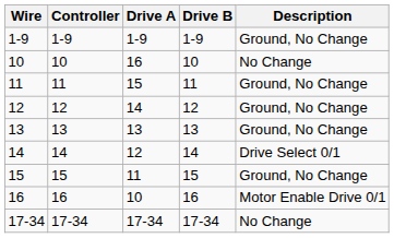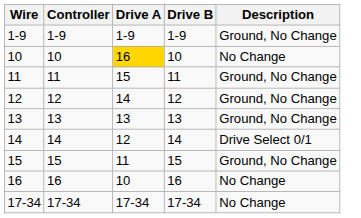 <table class="wikitable" style="border:1; display:inline-table">
 <tr>
 <th>Wire</th>
 <th>Controller</th>
 <th>Drive A</th>
 <th>Drive B</th>
 <th>Description</th>
 </tr>
 <tr>
 <td>1-9</td>
 <td>1-9</td>
 <td>1-9</td>
 <td>1-9</td>
 <td>Ground, No Change</td>
 </tr>
 <tr>
 <td>10</td>
 <td>10</td>
-<td>16</td>
+<td style="background: gold;">16</td>
 <td>10</td>
 <td>No Change</td>
 </tr>
 <tr>
 <td>11</td>
 <td>11</td>
 <td>15</td>
 <td>11</td>
 <td>Ground, No Change</td>
 </tr>
 <tr>
 <td>12</td>
 <td>12</td>
 <td>14</td>
 <td>12</td>
 <td>Ground, No Change</td>
 </tr>
 <tr>
 <td>13</td>
 <td>13</td>
 <td>13</td>
 <td>13</td>
 <td>Ground, No Change</td>
 </tr>
 <tr>
 <td>14</td>
 <td>14</td>
 <td>12</td>
 <td>14</td>
 <td>Drive Select 0/1</td>
 </tr>
 <tr>
 <td>15</td>
 <td>15</td>
 <td>11</td>
 <td>15</td>
 <td>Ground, No Change</td>
 </tr>
 <tr>
 <td>16</td>
 <td>16</td>
 <td>10</td>
 <td>16</td>
-<td>Motor Enable Drive 0/1</td>
+<td>No Change</td>
 </tr>
 <tr>
 <td>17-34</td>
 <td>17-34</td>
 <td>17-34</td>
 <td>17-34</td>
 <td>No Change</td>
 </tr>
 </table>
